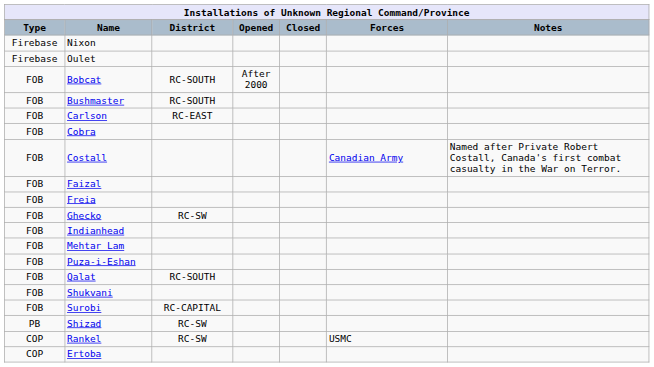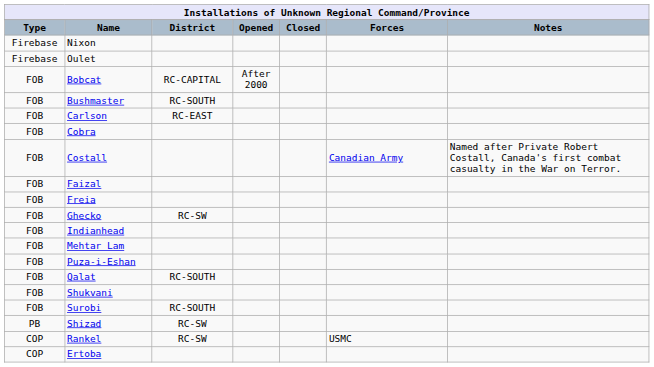 <table class="wikitable sortable collapsible collapsed" width="100%">
 <tr>
 <th style="align: center; background: lavender" colspan="7"><strong>Installations of Unknown Regional Command/Province</strong></th>
 </tr>
 <tr style="background:#efefef; color:black">
 </tr>
 <tr>
 <th style="text-align: center; background: #aabccc;" width="9%">Type</th>
 <th style="text-align: center; background: #aabccc;" width="13%">Name</th>
 <th style="text-align: center; background: #aabccc;" width="12%">District</th>
 <th style="text-align: center; background: #aabccc;" width="7%">Opened</th>
 <th style="text-align: center; background: #aabccc;" width="7%">Closed</th>
 <th style="text-align: center; background: #aabccc;" width="18%">Forces</th>
 <th style="text-align: center; background: #aabccc;" width="30%">Notes</th>
 </tr>
 <tr>
 <td align="center">Firebase</td>
 <td>Nixon</td>
 <td align="center"></td>
 <td align="center"></td>
 <td align="center"></td>
 <td></td>
 <td></td>
 </tr>
 <tr>
 <td align="center">Firebase</td>
 <td>Oulet</td>
 <td align="center"></td>
 <td align="center"></td>
 <td align="center"></td>
 <td></td>
 <td></td>
 </tr>
 <tr>
 <td align="center">FOB</td>
 <td><a href='#'>Bobcat</a></td>
-<td align="center">RC-SOUTH</td>
+<td align="center">RC-CAPITAL</td>
 <td align="center">After 2000</td>
 <td align="center"></td>
 <td></td>
 <td></td>
 </tr>
 <tr>
 <td align="center">FOB</td>
 <td><a href='#'>Bushmaster</a></td>
 <td align="center">RC-SOUTH</td>
 <td align="center"></td>
 <td align="center"></td>
 <td></td>
 <td></td>
 </tr>
 <tr>
 <td align="center">FOB</td>
 <td><a href='#'>Carlson</a></td>
 <td align="center">RC-EAST</td>
 <td align="center"></td>
 <td align="center"></td>
 <td></td>
 <td></td>
 </tr>
 <tr>
 <td align="center">FOB</td>
 <td><a href='#'>Cobra</a></td>
 <td align="center"></td>
 <td align="center"></td>
 <td align="center"></td>
 <td></td>
 <td></td>
 </tr>
 <tr>
 <td align="center">FOB</td>
 <td><a href='#'>Costall</a></td>
 <td align="center"></td>
 <td align="center"></td>
 <td align="center"></td>
 <td> <a href='#'>Canadian Army</a></td>
 <td>Named after Private Robert Costall, Canada's first combat casualty in the War on Terror.</td>
 </tr>
 <tr>
 <td align="center">FOB</td>
 <td><a href='#'>Faizal</a></td>
 <td align="center"></td>
 <td align="center"></td>
 <td align="center"></td>
 <td></td>
 <td></td>
 </tr>
 <tr>
 <td align="center">FOB</td>
 <td><a href='#'>Freia</a></td>
 <td align="center"></td>
 <td align="center"></td>
 <td align="center"></td>
 <td></td>
 <td></td>
 </tr>
 <tr>
 <td align="center">FOB</td>
 <td><a href='#'>Ghecko</a></td>
 <td align="center">RC-SW</td>
 <td align="center"></td>
 <td align="center"></td>
 <td></td>
 <td></td>
 </tr>
 <tr>
 <td align="center">FOB</td>
 <td><a href='#'>Indianhead</a></td>
 <td align="center"></td>
 <td align="center"></td>
 <td align="center"></td>
 <td></td>
 <td></td>
 </tr>
 <tr>
 <td align="center">FOB</td>
 <td><a href='#'>Mehtar Lam</a></td>
 <td align="center"></td>
 <td align="center"></td>
 <td align="center"></td>
 <td></td>
 <td></td>
 </tr>
 <tr>
 <td align="center">FOB</td>
 <td><a href='#'>Puza-i-Eshan</a></td>
 <td align="center"></td>
 <td align="center"></td>
 <td align="center"></td>
 <td></td>
 <td></td>
 </tr>
 <tr>
 <td align="center">FOB</td>
 <td><a href='#'>Qalat</a></td>
 <td align="center">RC-SOUTH</td>
 <td align="center"></td>
 <td align="center"></td>
 <td></td>
 <td></td>
 </tr>
 <tr>
 <td align="center">FOB</td>
 <td><a href='#'>Shukvani</a></td>
 <td align="center"></td>
 <td align="center"></td>
 <td align="center"></td>
 <td></td>
 <td></td>
 </tr>
 <tr>
 <td align="center">FOB</td>
 <td><a href='#'>Surobi</a></td>
-<td align="center">RC-CAPITAL</td>
+<td align="center">RC-SOUTH</td>
 <td align="center"></td>
 <td align="center"></td>
 <td></td>
 <td></td>
 </tr>
 <tr>
 <td align="center">PB</td>
 <td><a href='#'>Shizad</a></td>
 <td align="center">RC-SW</td>
 <td align="center"></td>
 <td align="center"></td>
 <td></td>
 <td></td>
 </tr>
 <tr>
 <td align="center">COP</td>
 <td><a href='#'>Rankel</a></td>
 <td align="center">RC-SW</td>
 <td align="center"></td>
 <td align="center"></td>
 <td> USMC</td>
 <td></td>
 </tr>
 <tr>
 <td align="center">COP</td>
 <td><a href='#'>Ertoba</a></td>
 <td align="center"></td>
 <td align="center"></td>
 <td align="center"></td>
 <td></td>
 <td></td>
 </tr>
 </table>
